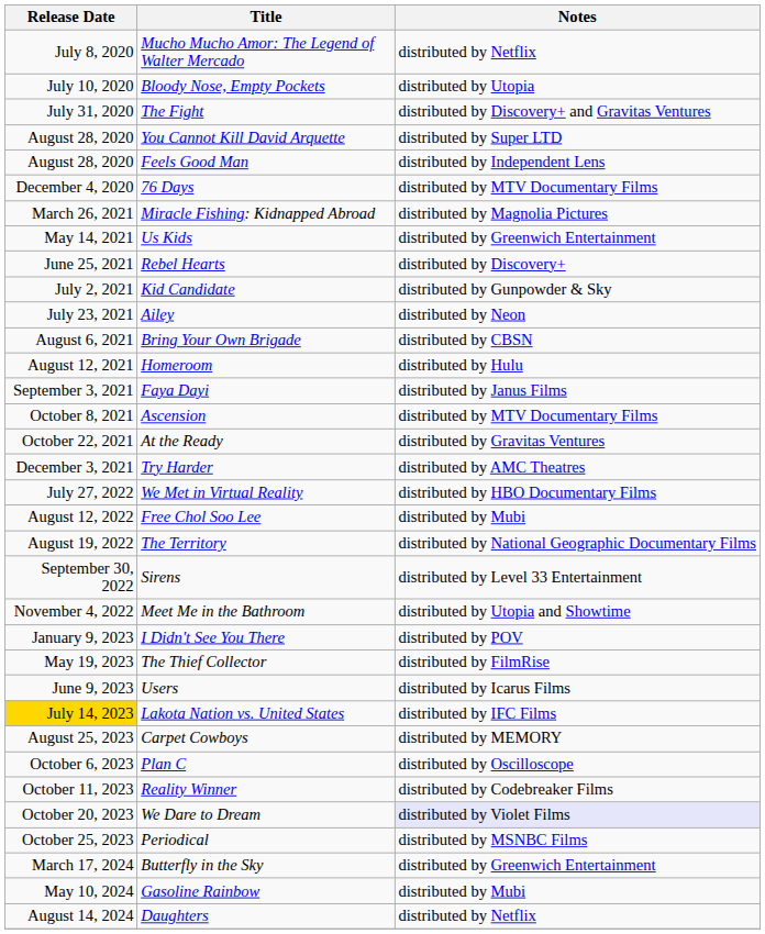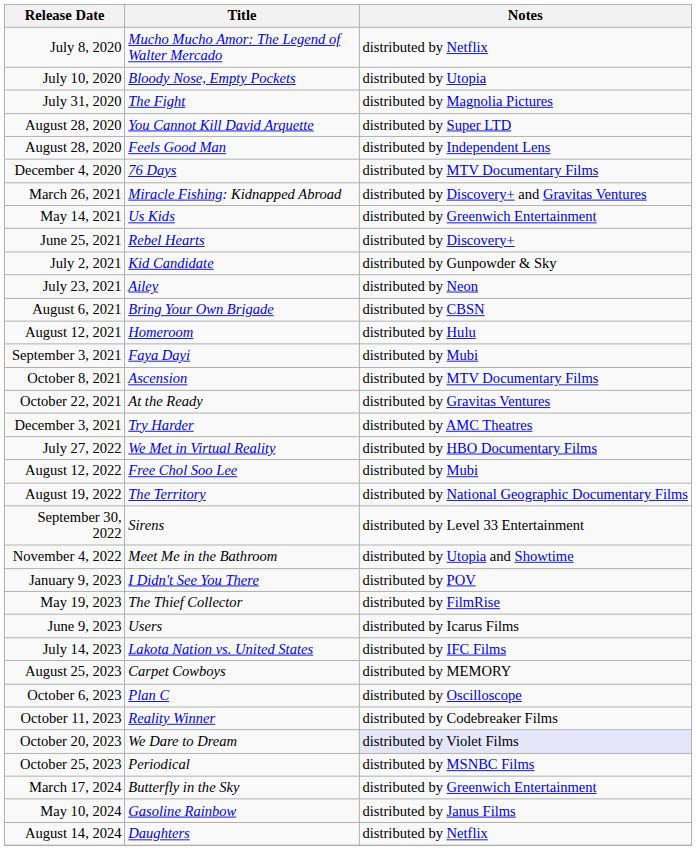 <table class="wikitable sortable">
 <tr>
 <th style="width:125px;">Release Date</th>
 <th style="width:250px;">Title</th>
 <th>Notes</th>
 </tr>
 <tr>
 <td style="text-align:right;">July 8, 2020</td>
 <td><em><a href='#'>Mucho Mucho Amor: The Legend of Walter Mercado</a></em></td>
 <td>distributed by <a href='#'>Netflix</a></td>
 </tr>
 <tr>
 <td style="text-align:right;">July 10, 2020</td>
 <td><em><a href='#'>Bloody Nose, Empty Pockets</a></em></td>
 <td>distributed by <a href='#'>Utopia</a></td>
 </tr>
 <tr>
 <td style="text-align:right;">July 31, 2020</td>
 <td><em><a href='#'>The Fight</a></em></td>
-<td>distributed by <a href='#'>Discovery+</a> and <a href='#'>Gravitas Ventures</a></td>
+<td>distributed by <a href='#'>Magnolia Pictures</a></td>
 </tr>
 <tr>
 <td style="text-align:right;">August 28, 2020</td>
 <td><em><a href='#'>You Cannot Kill David Arquette</a></em></td>
 <td>distributed by <a href='#'>Super LTD</a></td>
 </tr>
 <tr>
 <td style="text-align:right;">August 28, 2020</td>
 <td><em><a href='#'>Feels Good Man</a></em></td>
 <td>distributed by <a href='#'>Independent Lens</a></td>
 </tr>
 <tr>
 <td style="text-align:right;">December 4, 2020</td>
 <td><em><a href='#'>76 Days</a></em></td>
 <td>distributed by <a href='#'>MTV Documentary Films</a></td>
 </tr>
 <tr>
 <td style="text-align:right;">March 26, 2021</td>
 <td><em><a href='#'>Miracle Fishing</a>: Kidnapped Abroad</em></td>
-<td>distributed by <a href='#'>Magnolia Pictures</a></td>
+<td>distributed by <a href='#'>Discovery+</a> and <a href='#'>Gravitas Ventures</a></td>
 </tr>
 <tr>
 <td style="text-align:right;">May 14, 2021</td>
 <td><em><a href='#'>Us Kids</a></em></td>
 <td>distributed by <a href='#'>Greenwich Entertainment</a></td>
 </tr>
 <tr>
 <td style="text-align:right;">June 25, 2021</td>
 <td><em><a href='#'>Rebel Hearts</a></em></td>
 <td>distributed by <a href='#'>Discovery+</a></td>
 </tr>
 <tr>
 <td style="text-align:right;">July 2, 2021</td>
 <td><em><a href='#'>Kid Candidate</a></em></td>
 <td>distributed by Gunpowder & Sky</td>
 </tr>
 <tr>
 <td style="text-align:right;">July 23, 2021</td>
 <td><em><a href='#'>Ailey</a></em></td>
 <td>distributed by <a href='#'>Neon</a></td>
 </tr>
 <tr>
 <td style="text-align:right;">August 6, 2021</td>
 <td><em><a href='#'>Bring Your Own Brigade</a></em></td>
 <td>distributed by <a href='#'>CBSN</a></td>
 </tr>
 <tr>
 <td style="text-align:right;">August 12, 2021</td>
 <td><em><a href='#'>Homeroom</a></em></td>
 <td>distributed by <a href='#'>Hulu</a></td>
 </tr>
 <tr>
 <td style="text-align:right;">September 3, 2021</td>
 <td><em><a href='#'>Faya Dayi</a></em></td>
-<td>distributed by <a href='#'>Janus Films</a></td>
+<td>distributed by <a href='#'>Mubi</a></td>
 </tr>
 <tr>
 <td style="text-align:right;">October 8, 2021</td>
 <td><em><a href='#'>Ascension</a></em></td>
 <td>distributed by <a href='#'>MTV Documentary Films</a></td>
 </tr>
 <tr>
 <td style="text-align:right;">October 22, 2021</td>
 <td><em>At the Ready</em></td>
 <td>distributed by <a href='#'>Gravitas Ventures</a></td>
 </tr>
 <tr>
 <td style="text-align:right;">December 3, 2021</td>
 <td><em><a href='#'>Try Harder</a></em></td>
 <td>distributed by <a href='#'>AMC Theatres</a></td>
 </tr>
 <tr>
 <td style="text-align:right;">July 27, 2022</td>
 <td><em><a href='#'>We Met in Virtual Reality</a></em></td>
 <td>distributed by <a href='#'>HBO Documentary Films</a></td>
 </tr>
 <tr>
 <td style="text-align:right;">August 12, 2022</td>
 <td><em><a href='#'>Free Chol Soo Lee</a></em></td>
 <td>distributed by <a href='#'>Mubi</a></td>
 </tr>
 <tr>
 <td style="text-align:right;">August 19, 2022</td>
 <td><em><a href='#'>The Territory</a></em></td>
 <td>distributed by <a href='#'>National Geographic Documentary Films</a></td>
 </tr>
 <tr>
 <td style="text-align:right;">September 30, 2022</td>
 <td><em>Sirens</em></td>
 <td>distributed by Level 33 Entertainment</td>
 </tr>
 <tr>
 <td style="text-align:right;">November 4, 2022</td>
 <td><em>Meet Me in the Bathroom</em></td>
 <td>distributed by <a href='#'>Utopia</a> and <a href='#'>Showtime</a></td>
 </tr>
 <tr>
 <td style="text-align:right;">January 9, 2023</td>
 <td><em><a href='#'>I Didn't See You There</a></em></td>
 <td>distributed by <a href='#'>POV</a></td>
 </tr>
 <tr>
 <td style="text-align:right;">May 19, 2023</td>
 <td><em>The Thief Collector</em></td>
 <td>distributed by <a href='#'>FilmRise</a></td>
 </tr>
 <tr>
 <td style="text-align:right;">June 9, 2023</td>
 <td><em>Users</em></td>
 <td>distributed by Icarus Films</td>
 </tr>
 <tr>
-<td style="background: gold; text-align:right;">July 14, 2023</td>
+<td style="text-align:right;">July 14, 2023</td>
 <td><em><a href='#'>Lakota Nation vs. United States</a></em></td>
 <td>distributed by <a href='#'>IFC Films</a></td>
 </tr>
 <tr>
 <td style="text-align:right;">August 25, 2023</td>
 <td><em>Carpet Cowboys</em></td>
 <td>distributed by MEMORY</td>
 </tr>
 <tr>
 <td style="text-align:right;">October 6, 2023</td>
 <td><em><a href='#'>Plan C</a></em></td>
 <td>distributed by <a href='#'>Oscilloscope</a></td>
 </tr>
 <tr>
 <td style="text-align:right;">October 11, 2023</td>
 <td><em><a href='#'>Reality Winner</a></em></td>
 <td>distributed by Codebreaker Films</td>
 </tr>
 <tr>
 <td style="text-align:right;">October 20, 2023</td>
 <td><em>We Dare to Dream</em></td>
 <td style="background: lavender;">distributed by Violet Films</td>
 </tr>
 <tr>
 <td style="text-align:right;">October 25, 2023</td>
 <td><em>Periodical</em></td>
 <td>distributed by <a href='#'>MSNBC Films</a></td>
 </tr>
 <tr>
 <td style="text-align:right;">March 17, 2024</td>
 <td><em>Butterfly in the Sky</em></td>
 <td>distributed by <a href='#'>Greenwich Entertainment</a></td>
 </tr>
 <tr>
 <td style="text-align:right;">May 10, 2024</td>
 <td><em><a href='#'>Gasoline Rainbow</a></em></td>
-<td>distributed by <a href='#'>Mubi</a></td>
+<td>distributed by <a href='#'>Janus Films</a></td>
 </tr>
 <tr>
 <td style="text-align:right;">August 14, 2024</td>
 <td><em><a href='#'>Daughters</a></em></td>
 <td>distributed by <a href='#'>Netflix</a></td>
 </tr>
 <tr>
 </tr>
 </table>
